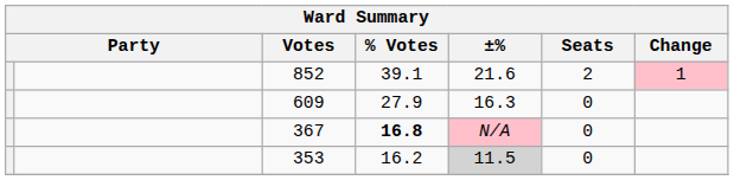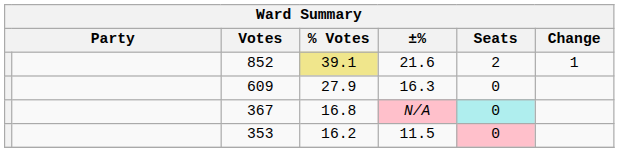 <table class="wikitable" style="font-size: 95%;">
 <tr style="background-color:#E9E9E9">
 <th colspan="7">Ward Summary</th>
 </tr>
 <tr style="background-color:#E9E9E9">
 <th colspan="2">Party</th>
 <th style="width: 60px">Votes</th>
 <th style="width: 60px">% Votes</th>
 <th style="width: 60px">±%</th>
 <th style="width: 60px">Seats</th>
 <th style="width: 60px">Change</th>
 </tr>
 <tr>
 <th style="background-color: "></th>
 <td style="width: 170px"><a href='#'></a></td>
 <td align="center">852</td>
-<td align="center">39.1</td>
+<td align="center" style="background: khaki;">39.1</td>
 <td align="center">21.6</td>
 <td align="center">2</td>
-<td align="center" style="background: pink;">1</td>
+<td align="center">1</td>
 </tr>
 <tr>
 <th style="background-color: "></th>
 <td style="width: 170px"><a href='#'></a></td>
 <td align="center">609</td>
 <td align="center">27.9</td>
 <td align="center">16.3</td>
 <td align="center">0</td>
 <td align="center"></td>
 </tr>
 <tr>
 <th style="background-color: "></th>
 <td style="width: 170px"><a href='#'></a></td>
 <td align="center">367</td>
-<td align="center"><strong>16.8</strong></td>
+<td align="center">16.8</td>
 <td align="center" style="background: pink;"><em>N/A</em></td>
-<td align="center">0</td>
+<td align="center" style="background: paleturquoise;">0</td>
 <td align="center"></td>
 </tr>
 <tr>
 <th style="background-color: "></th>
 <td style="width: 170px"><a href='#'></a></td>
 <td align="center">353</td>
 <td align="center">16.2</td>
-<td align="center" style="background: lightgrey;">11.5</td>
-<td align="center">0</td>
+<td align="center">11.5</td>
+<td align="center" style="background: pink;">0</td>
 <td align="center"></td>
 </tr>
 <tr>
 </tr>
 </table>
